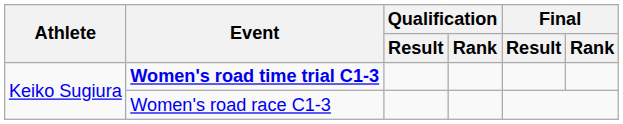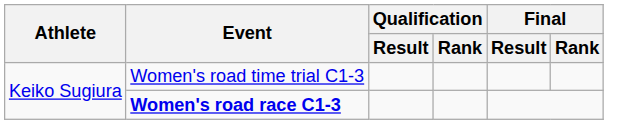 <table class=wikitable style="font-size:90%">
 <tr>
 <th rowspan="2">Athlete</th>
 <th rowspan="2">Event</th>
 <th colspan="2">Qualification</th>
 <th colspan="2">Final</th>
 </tr>
 <tr>
 <th>Result</th>
 <th>Rank</th>
 <th>Result</th>
 <th>Rank</th>
 </tr>
 <tr align=center>
 <td align=left rowspan=2><a href='#'>Keiko Sugiura</a></td>
-<td align=left><strong><a href='#'>Women's road time trial C1-3</a></strong></td>
+<td align=left><a href='#'>Women's road time trial C1-3</a></td>
 <td></td>
 <td></td>
 <td></td>
 <td></td>
 </tr>
 <tr align=center>
-<td align=left><a href='#'>Women's road race C1-3</a></td>
+<td align=left><strong><a href='#'>Women's road race C1-3</a></strong></td>
 <td></td>
 <td></td>
 <td colspan=2></td>
 </tr>
 </table>
